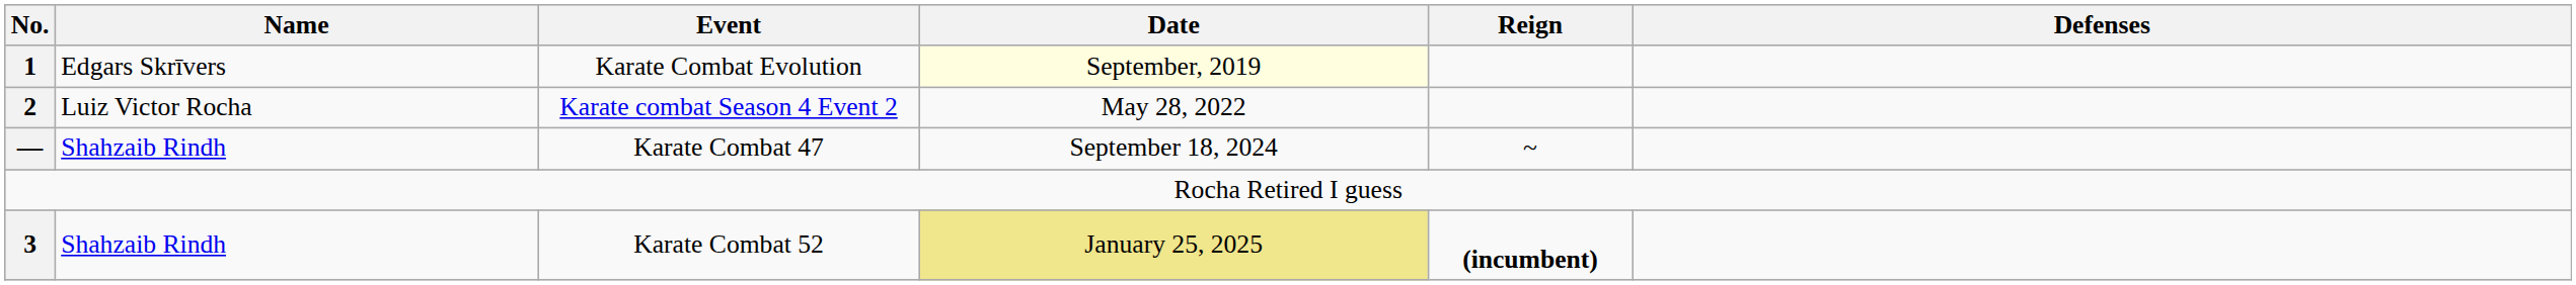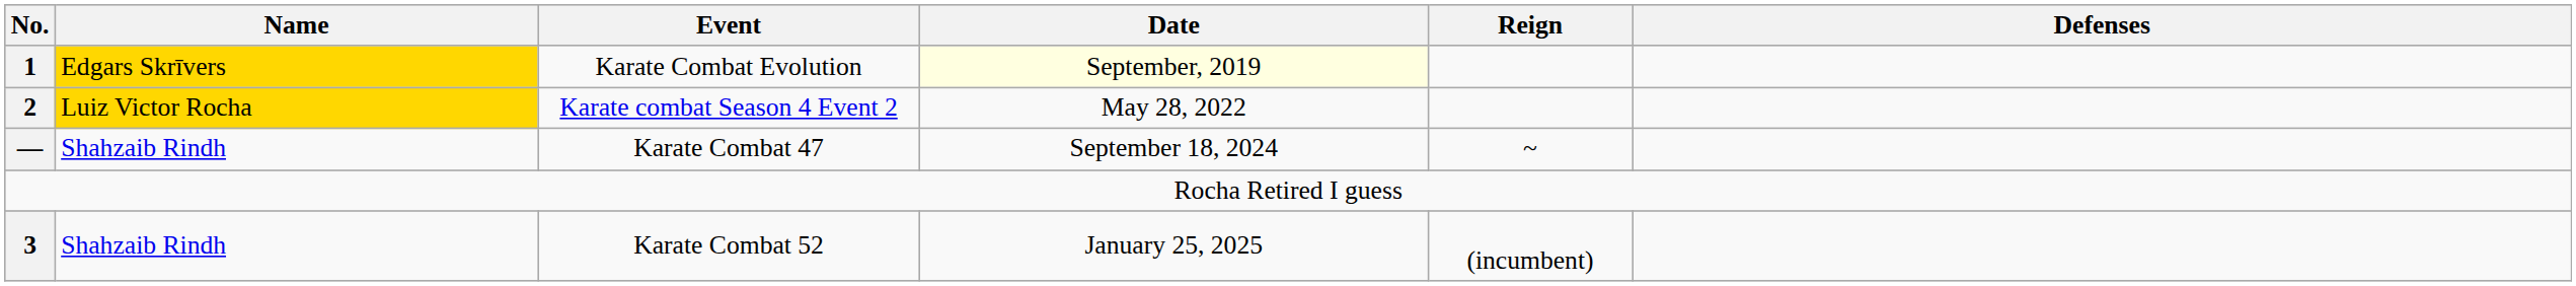 <table class="wikitable" width=100%>
 <tr>
 <th width=1%>No.</th>
 <th width=19%>Name</th>
 <th width=15%>Event</th>
 <th width=20%>Date</th>
 <th width=8%>Reign</th>
 <th width=45%>Defenses</th>
 </tr>
 <tr>
 <th>1</th>
-<td align=left> Edgars Skrīvers <br></td>
+<td align=left style="background: gold;"> Edgars Skrīvers <br></td>
 <td align=center>Karate Combat Evolution<br></td>
 <td align=center style="background: lightyellow;">September, 2019</td>
 <td align=center></td>
 <td><br></td>
 </tr>
 <tr>
 <th>2</th>
-<td align=left> Luiz Victor Rocha <br></td>
+<td align=left style="background: gold;"> Luiz Victor Rocha <br></td>
 <td align=center><a href='#'>Karate combat Season 4 Event 2</a><br></td>
 <td align=center>May 28, 2022</td>
 <td align=center></td>
 <td> <br></td>
 </tr>
 <tr>
 <th>—</th>
 <td align=left> <a href='#'>Shahzaib Rindh</a> <br></td>
 <td align=center>Karate Combat 47<br></td>
 <td align=center>September 18, 2024</td>
 <td align=center>~</td>
 <td></td>
 </tr>
 <tr>
 <td colspan=6 align=center>Rocha Retired I guess</td>
 </tr>
 <tr>
 <th>3</th>
 <td align=left> <a href='#'>Shahzaib Rindh</a> <br></td>
 <td align=center>Karate Combat 52<br></td>
-<td align=center style="background: khaki;">January 25, 2025</td>
-<td align=center><strong><br>(incumbent)<br></strong></td>
+<td align=center>January 25, 2025</td>
+<td align=center><br>(incumbent)<br></td>
 </tr>
 </table>
